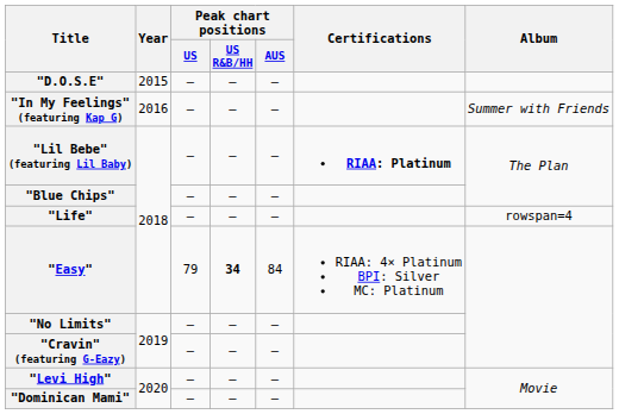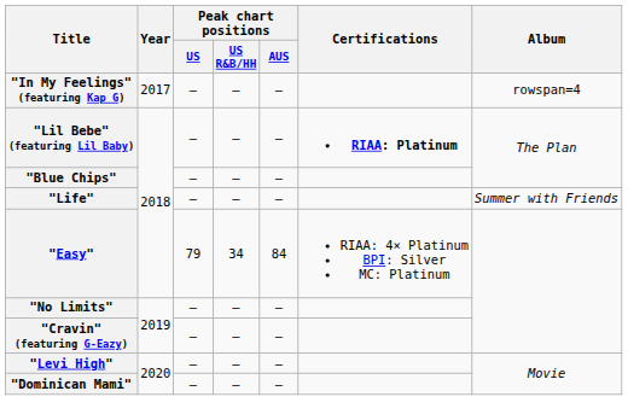 <table class="wikitable plainrowheaders" style="text-align:center;">
 <tr>
 <th rowspan="2">Title</th>
 <th rowspan="2">Year</th>
 <th colspan="3">Peak chart positions</th>
 <th rowspan="2">Certifications</th>
 <th rowspan="2">Album</th>
 </tr>
 <tr>
 <th scope="col" style="width:3em;font-size:90%;"><a href='#'>US</a><br></th>
 <th scope="col" style="width:3em;font-size:90%;"><a href='#'>US<br>R&B/HH</a><br></th>
 <th scope="col" style="width:3em;font-size:90%;"><a href='#'>AUS</a><br></th>
 </tr>
 <tr>
-<th scope="row">"D.O.S.E"</th>
-<td>2015</td>
+<th scope="row">"In My Feelings"<br><small>(featuring <a href='#'>Kap G</a>)</small></th>
+<td>2017</td>
 <td>—</td>
 <td>—</td>
 <td>—</td>
 <td></td>
-<td></td>
-</tr>
-<tr>
-<th scope="row">"In My Feelings"<br><small>(featuring <a href='#'>Kap G</a>)</small></th>
-<td>2016</td>
-<td>—</td>
-<td>—</td>
-<td>—</td>
-<td></td>
-<td><em>Summer with Friends</em></td>
+<td>rowspan=4 </td>
 </tr>
 <tr>
 <th scope="row">"Lil Bebe"<br><small>(featuring <a href='#'>Lil Baby</a>)</small></th>
 <td rowspan="4">2018</td>
 <td>—</td>
 <td>—</td>
 <td>—</td>
 <td><strong><br><ul><li><a href='#'>RIAA</a>: Platinum</li></ul></strong></td>
 <td rowspan="2"><em>The Plan</em></td>
 </tr>
 <tr>
 <th scope="row">"Blue Chips"</th>
 <td>—</td>
 <td>—</td>
 <td>—</td>
 <td></td>
 </tr>
 <tr>
 <th scope="row">"Life"</th>
 <td>—</td>
 <td>—</td>
 <td>—</td>
 <td></td>
-<td>rowspan=4 </td>
+<td><em>Summer with Friends</em></td>
 </tr>
 <tr>
 <th scope="row">"<a href='#'>Easy</a>"<br></th>
 <td>79</td>
-<td><strong>34</strong></td>
+<td>34</td>
 <td>84</td>
 <td><br><ul><li>RIAA: 4× Platinum</li><li><a href='#'>BPI</a>: Silver</li><li>MC: Platinum</li></ul></td>
 </tr>
 <tr>
 <th scope="row">"No Limits"</th>
 <td rowspan="2">2019</td>
 <td>—</td>
 <td>—</td>
 <td>—</td>
 <td></td>
 </tr>
 <tr>
 <th scope="row">"Cravin"<br><small>(featuring <a href='#'>G-Eazy</a>)</small></th>
 <td>—</td>
 <td>—</td>
 <td>—</td>
 <td></td>
 </tr>
 <tr>
 <th scope="row">"<a href='#'>Levi High</a>"<br></th>
 <td rowspan="2">2020</td>
 <td>—</td>
 <td>—</td>
 <td>—</td>
 <td></td>
 <td rowspan="2"><em>Movie</em></td>
 </tr>
 <tr>
 <th scope="row">"Dominican Mami"<br></th>
 <td>—</td>
 <td>—</td>
 <td>—</td>
 <td></td>
 </tr>
 </table>
